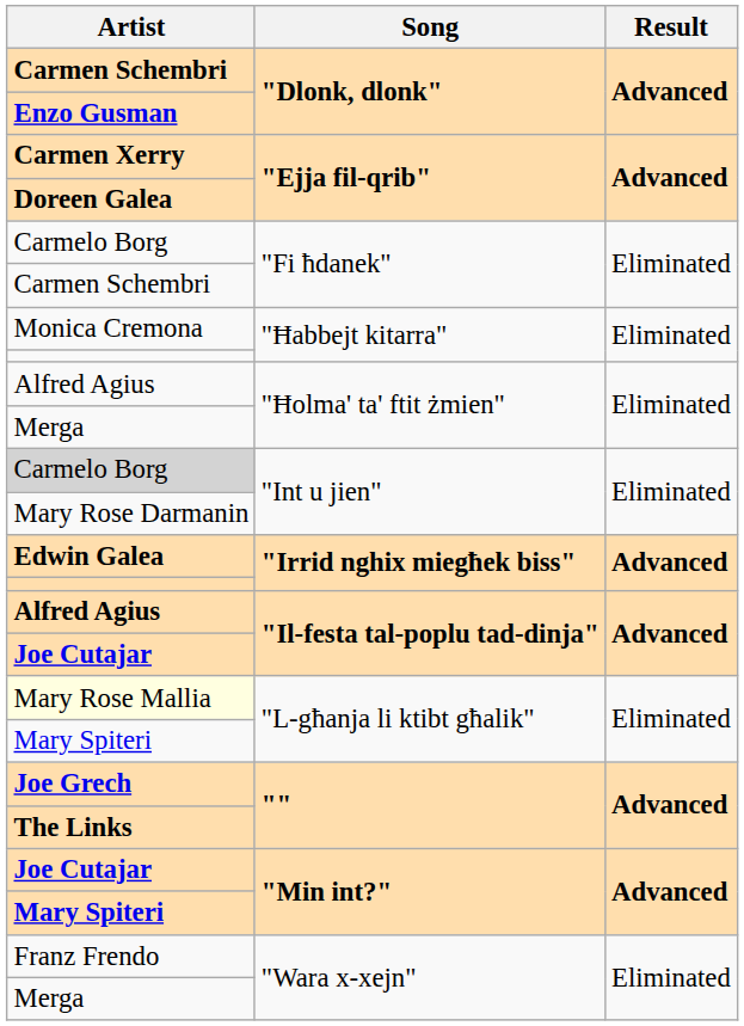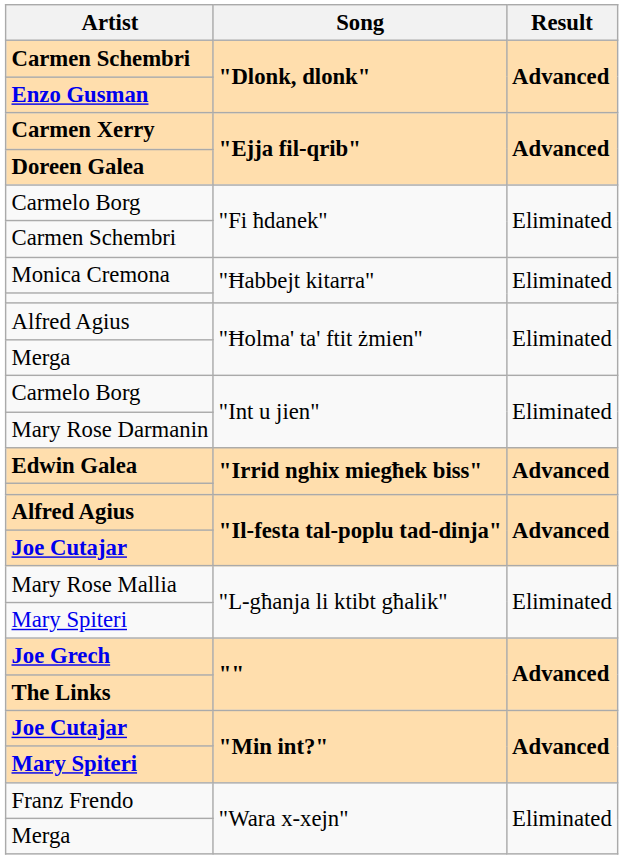 <table class="sortable wikitable" style="margin: 1em auto 1em auto; text-align:left">
 <tr>
 <th>Artist</th>
 <th>Song</th>
 <th>Result</th>
 </tr>
 <tr style="font-weight:bold; background:navajowhite;">
 <td>Carmen Schembri</td>
 <td rowspan="2">"Dlonk, dlonk"</td>
 <td rowspan="2">Advanced</td>
 </tr>
 <tr style="font-weight:bold; background:navajowhite;">
 <td><a href='#'>Enzo Gusman</a></td>
 </tr>
 <tr style="font-weight:bold; background:navajowhite;">
 <td>Carmen Xerry</td>
 <td rowspan="2">"Ejja fil-qrib"</td>
 <td rowspan="2">Advanced</td>
 </tr>
 <tr style="font-weight:bold; background:navajowhite;">
 <td>Doreen Galea</td>
 </tr>
 <tr>
 <td>Carmelo Borg</td>
 <td rowspan="2">"Fi ħdanek"</td>
 <td rowspan="2">Eliminated</td>
 </tr>
 <tr>
 <td>Carmen Schembri</td>
 </tr>
 <tr>
 <td>Monica Cremona</td>
 <td rowspan="2">"Ħabbejt kitarra"</td>
 <td rowspan="2">Eliminated</td>
 </tr>
 <tr>
 <td></td>
 </tr>
 <tr>
 <td>Alfred Agius</td>
 <td rowspan="2">"Ħolma' ta' ftit żmien"</td>
 <td rowspan="2">Eliminated</td>
 </tr>
 <tr>
 <td>Merga</td>
 </tr>
 <tr>
-<td style="background: lightgrey;">Carmelo Borg</td>
+<td>Carmelo Borg</td>
 <td rowspan="2">"Int u jien"</td>
 <td rowspan="2">Eliminated</td>
 </tr>
 <tr>
 <td>Mary Rose Darmanin</td>
 </tr>
 <tr style="font-weight:bold; background:navajowhite;">
 <td>Edwin Galea</td>
 <td rowspan="2">"Irrid nghix miegħek biss"</td>
 <td rowspan="2">Advanced</td>
 </tr>
 <tr style="font-weight:bold; background:navajowhite;">
 <td></td>
 </tr>
 <tr style="font-weight:bold; background:navajowhite;">
 <td>Alfred Agius</td>
 <td rowspan="2">"Il-festa tal-poplu tad-dinja"</td>
 <td rowspan="2">Advanced</td>
 </tr>
 <tr style="font-weight:bold; background:navajowhite;">
 <td><a href='#'>Joe Cutajar</a></td>
 </tr>
 <tr>
-<td style="background: lightyellow;">Mary Rose Mallia</td>
+<td>Mary Rose Mallia</td>
 <td rowspan="2">"L-għanja li ktibt għalik"</td>
 <td rowspan="2">Eliminated</td>
 </tr>
 <tr>
 <td><a href='#'>Mary Spiteri</a></td>
 </tr>
 <tr style="font-weight:bold; background:navajowhite;">
 <td><a href='#'>Joe Grech</a></td>
 <td rowspan="2">""</td>
 <td rowspan="2">Advanced</td>
 </tr>
 <tr style="font-weight:bold; background:navajowhite;">
 <td>The Links</td>
 </tr>
 <tr style="font-weight:bold; background:navajowhite;">
 <td><a href='#'>Joe Cutajar</a></td>
 <td rowspan="2">"Min int?"</td>
 <td rowspan="2">Advanced</td>
 </tr>
 <tr style="font-weight:bold; background:navajowhite;">
 <td><a href='#'>Mary Spiteri</a></td>
 </tr>
 <tr>
 <td>Franz Frendo</td>
 <td rowspan="2">"Wara x-xejn"</td>
 <td rowspan="2">Eliminated</td>
 </tr>
 <tr>
 <td>Merga</td>
 </tr>
 </table>
